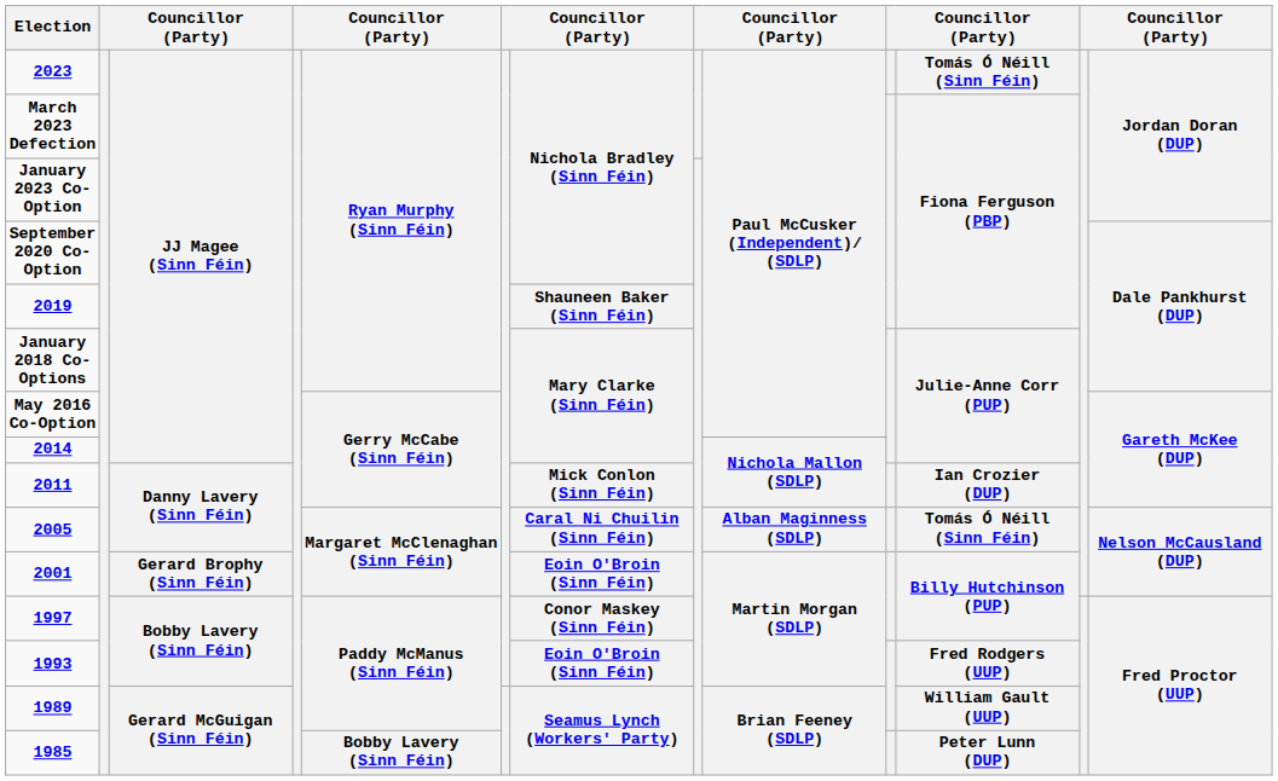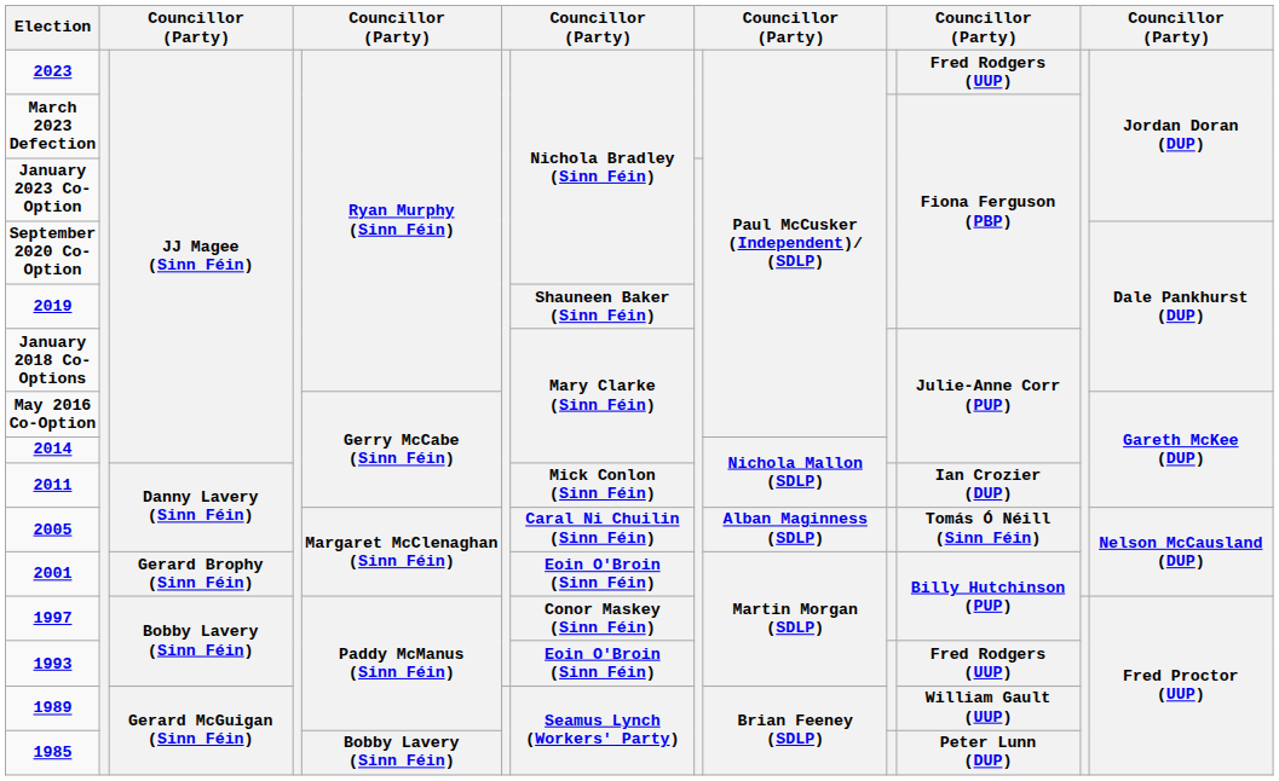 <table class="wikitable" style="text-align:center">
 <tr>
 <th scope="col" width="50">Election</th>
 <th scope="col" width="150" colspan = "2">Councillor<br> (Party)</th>
 <th scope="col" width="150" colspan = "2">Councillor<br> (Party)</th>
 <th scope="col" width="150" colspan = "2">Councillor<br> (Party)</th>
 <th scope="col" width="150" colspan = "2">Councillor<br> (Party)</th>
 <th scope="col" width="150" colspan = "2">Councillor<br> (Party)</th>
 <th scope="col" width="150" colspan = "2">Councillor<br> (Party)</th>
 </tr>
 <tr>
 <td><strong><a href='#'>2023</a></strong></td>
 <th rowspan="15" width="1" style="background-color: "></th>
 <th rowspan= "8">JJ Magee <br> (<a href='#'>Sinn Féin</a>)</th>
 <th rowspan="15" width="1" style="background-color: "></th>
 <th rowspan= "6"><a href='#'>Ryan Murphy</a> <br> (<a href='#'>Sinn Féin</a>)</th>
 <th rowspan="13" width="1" style="background-color: "></th>
 <th rowspan= "4">Nichola Bradley <br> (<a href='#'>Sinn Féin</a>)</th>
 <th rowspan="2" width="1" style="background-color: "></th>
 <th rowspan= "7">Paul McCusker <br> (<a href='#'>Independent</a>)/ <br>(<a href='#'>SDLP</a>)</th>
 <th rowspan="1" width="1" style="background-color: "></th>
-<th rowspan= "1">Tomás Ó Néill <br> (<a href='#'>Sinn Féin</a>)</th>
+<th rowspan= "1">Fred Rodgers <br> (<a href='#'>UUP</a>)</th>
 <th rowspan="11" width="1" style="background-color: "></th>
 <th rowspan= "3">Jordan Doran <br> (<a href='#'>DUP</a>)</th>
 </tr>
 <tr>
 <td><strong>March 2023 Defection</strong></td>
 <th rowspan="4" width="1" style="background-color: "></th>
 <th rowspan= "4">Fiona Ferguson <br> (<a href='#'>PBP</a>)</th>
 </tr>
 <tr>
 <td><strong>January 2023 Co-Option</strong></td>
 <th rowspan="13" width="1" style="background-color: "></th>
 </tr>
 <tr>
 <td><strong>September 2020 Co-Option</strong></td>
 <th rowspan= "3">Dale Pankhurst <br> (<a href='#'>DUP</a>)</th>
 </tr>
 <tr>
 <td><strong><a href='#'>2019</a></strong></td>
 <th rowspan= "1">Shauneen Baker <br> (<a href='#'>Sinn Féin</a>)</th>
 </tr>
 <tr>
 <td><strong>January 2018 Co-Options</strong></td>
 <th rowspan= "3">Mary Clarke <br> (<a href='#'>Sinn Féin</a>)</th>
 <th rowspan="3" width="1" style="background-color: "></th>
 <th rowspan= "3">Julie-Anne Corr <br> (<a href='#'>PUP</a>)</th>
 </tr>
 <tr>
 <td><strong>May 2016 Co-Option</strong></td>
 <th rowspan= "3">Gerry McCabe <br> (<a href='#'>Sinn Féin</a>)</th>
 <th rowspan= "3"><a href='#'>Gareth McKee</a> <br> (<a href='#'>DUP</a>)</th>
 </tr>
 <tr>
 <td><strong><a href='#'>2014</a></strong></td>
 <th rowspan= "2"><a href='#'>Nichola Mallon</a> <br> (<a href='#'>SDLP</a>)</th>
 </tr>
 <tr>
 <td><strong><a href='#'>2011</a></strong></td>
 <th rowspan= "2">Danny Lavery <br> (<a href='#'>Sinn Féin</a>)</th>
 <th rowspan= "1">Mick Conlon <br> (<a href='#'>Sinn Féin</a>)</th>
 <th rowspan="1" width="1" style="background-color: "></th>
 <th rowspan= "1">Ian Crozier <br> (<a href='#'>DUP</a>)</th>
 </tr>
 <tr>
 <td><strong><a href='#'>2005</a></strong></td>
 <th rowspan= "2">Margaret McClenaghan <br> (<a href='#'>Sinn Féin</a>)</th>
 <th rowspan= "1"><a href='#'>Caral Ni Chuilin</a> <br> (<a href='#'>Sinn Féin</a>)</th>
 <th rowspan= "1"><a href='#'>Alban Maginness</a> <br> (<a href='#'>SDLP</a>)</th>
 <th rowspan="1" width="1" style="background-color: "></th>
 <th rowspan= "1">Tomás Ó Néill <br> (<a href='#'>Sinn Féin</a>)</th>
 <th rowspan= "2"><a href='#'>Nelson McCausland</a> <br> (<a href='#'>DUP</a>)</th>
 </tr>
 <tr>
 <td><strong><a href='#'>2001</a></strong></td>
 <th rowspan= "1">Gerard Brophy <br> (<a href='#'>Sinn Féin</a>)</th>
 <th rowspan= "1"><a href='#'>Eoin O'Broin</a> <br> (<a href='#'>Sinn Féin</a>)</th>
 <th rowspan= "3">Martin Morgan <br> (<a href='#'>SDLP</a>)</th>
 <th rowspan="2" width="1" style="background-color: "></th>
 <th rowspan= "2"><a href='#'>Billy Hutchinson</a> <br> (<a href='#'>PUP</a>)</th>
 </tr>
 <tr>
 <td><strong><a href='#'>1997</a></strong></td>
 <th rowspan= "2">Bobby Lavery <br> (<a href='#'>Sinn Féin</a>)</th>
 <th rowspan= "3">Paddy McManus <br> (<a href='#'>Sinn Féin</a>)</th>
 <th rowspan= "1">Conor Maskey <br> (<a href='#'>Sinn Féin</a>)</th>
 <th rowspan="4" width="1" style="background-color: "></th>
 <th rowspan= "4">Fred Proctor <br> (<a href='#'>UUP</a>)</th>
 </tr>
 <tr>
 <td><strong><a href='#'>1993</a></strong></td>
 <th rowspan= "1"><a href='#'>Eoin O'Broin</a> <br> (<a href='#'>Sinn Féin</a>)</th>
 <th rowspan="2" width="1" style="background-color: "></th>
 <th rowspan= "1">Fred Rodgers <br> (<a href='#'>UUP</a>)</th>
 </tr>
 <tr>
 <td><strong><a href='#'>1989</a></strong></td>
 <th rowspan= "2">Gerard McGuigan <br> (<a href='#'>Sinn Féin</a>)</th>
 <th rowspan="2" width="1" style="background-color: "></th>
 <th rowspan= "2"><a href='#'>Seamus Lynch</a> <br> (<a href='#'>Workers' Party</a>)</th>
 <th rowspan= "2">Brian Feeney <br> (<a href='#'>SDLP</a>)</th>
 <th rowspan= "1">William Gault <br> (<a href='#'>UUP</a>)</th>
 </tr>
 <tr>
 <td><strong><a href='#'>1985</a></strong></td>
 <th rowspan= "1">Bobby Lavery <br> (<a href='#'>Sinn Féin</a>)</th>
 <th rowspan="1" width="1" style="background-color: "></th>
 <th rowspan= "1">Peter Lunn <br> (<a href='#'>DUP</a>)</th>
 </tr>
 </table>
